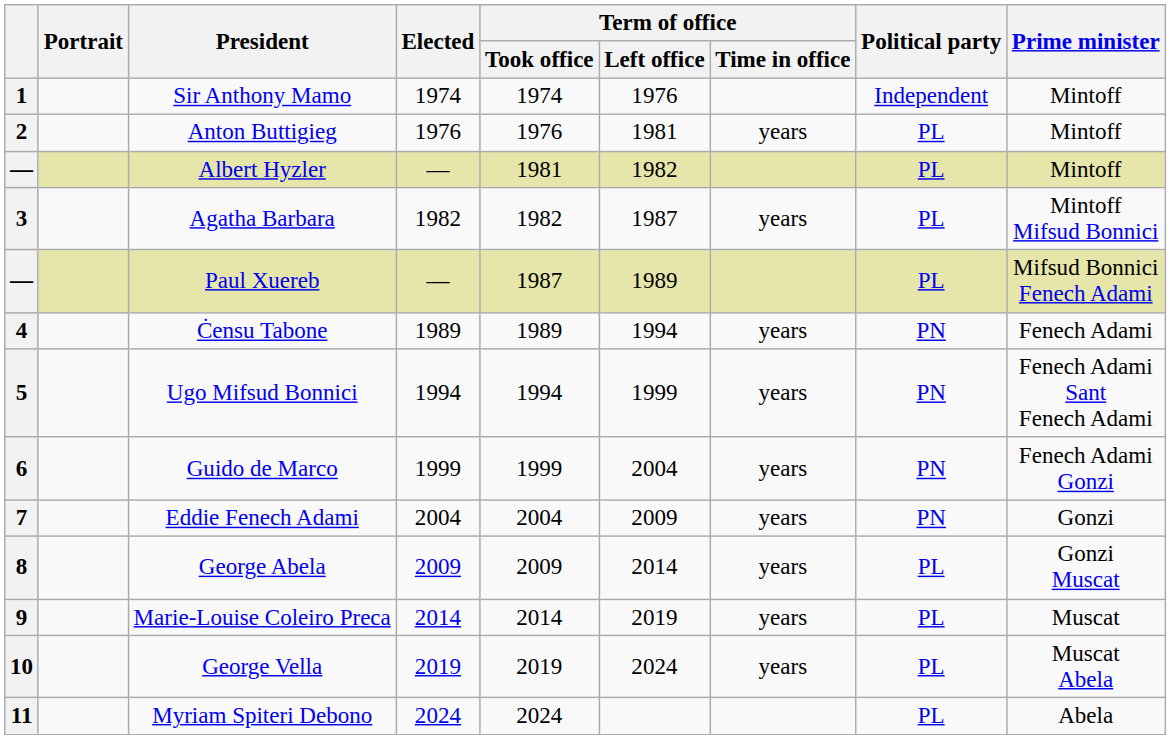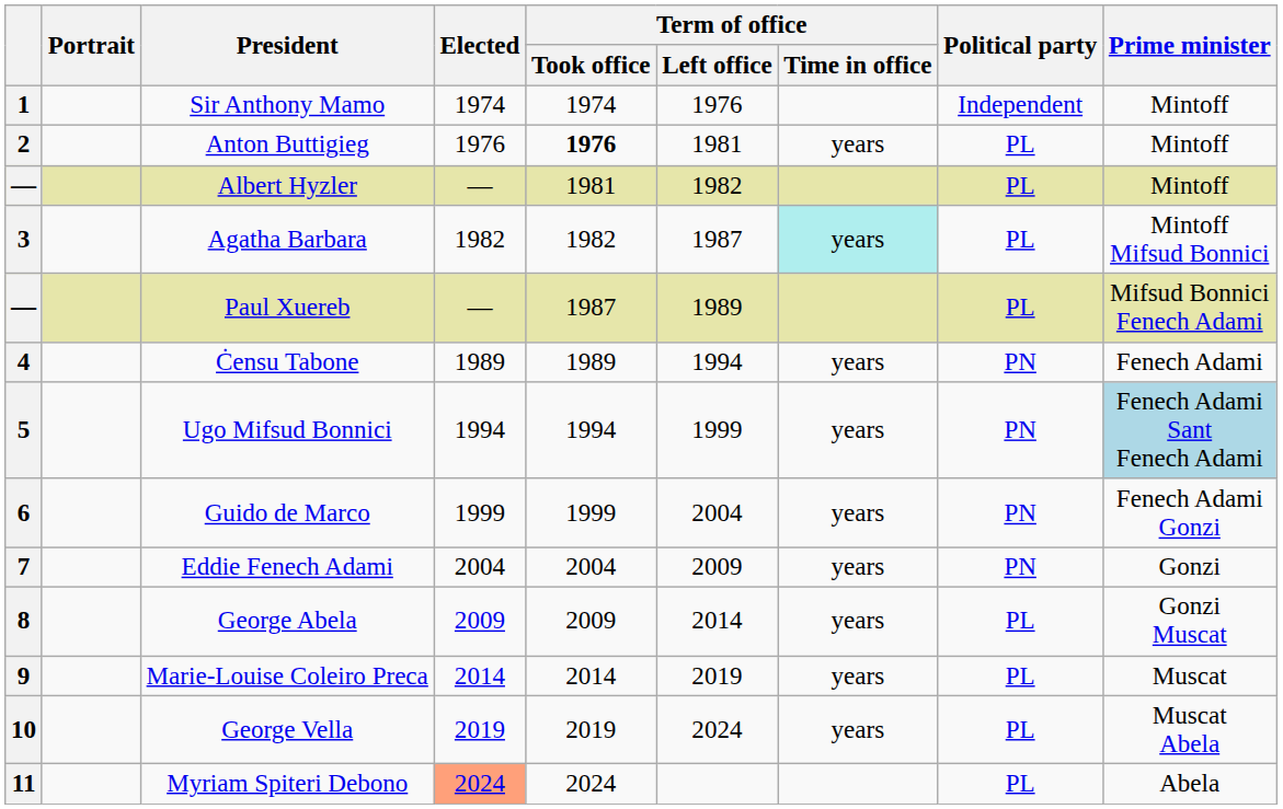 <table class="wikitable" style="text-align:center">
 <tr>
 <th rowspan="2"></th>
 <th rowspan="2">Portrait</th>
 <th rowspan="2">President<br></th>
 <th rowspan="2">Elected</th>
 <th colspan="3">Term of office</th>
 <th rowspan="2">Political party</th>
 <th rowspan="2"><a href='#'>Prime minister</a></th>
 </tr>
 <tr>
 <th>Took office</th>
 <th>Left office</th>
 <th>Time in office</th>
 </tr>
 <tr>
 <th style="background:">1</th>
 <td></td>
 <td><a href='#'>Sir Anthony Mamo</a><br></td>
 <td>1974</td>
 <td> 1974</td>
 <td> 1976</td>
 <td></td>
 <td><a href='#'>Independent</a></td>
 <td>Mintoff</td>
 </tr>
 <tr>
 <th style="background:">2</th>
 <td></td>
 <td><a href='#'>Anton Buttigieg</a><br></td>
 <td>1976</td>
-<td> 1976</td>
+<td><strong> 1976</strong></td>
 <td> 1981</td>
 <td> years</td>
 <td><a href='#'>PL</a></td>
 <td>Mintoff</td>
 </tr>
 <tr style="background:#e6e6aa;">
 <th style="background:">—</th>
 <td></td>
 <td><a href='#'>Albert Hyzler</a><br></td>
 <td>—</td>
 <td> 1981</td>
 <td> 1982</td>
 <td></td>
 <td><a href='#'>PL</a></td>
 <td>Mintoff</td>
 </tr>
 <tr>
 <th style="background:">3</th>
 <td></td>
 <td><a href='#'>Agatha Barbara</a><br></td>
 <td>1982</td>
 <td> 1982</td>
 <td> 1987</td>
-<td> years</td>
+<td style="background: paleturquoise;"> years</td>
 <td><a href='#'>PL</a></td>
 <td>Mintoff<br><a href='#'>Mifsud Bonnici</a></td>
 </tr>
 <tr style="background:#e6e6aa;">
 <th style="background:">—</th>
 <td></td>
 <td><a href='#'>Paul Xuereb</a><br></td>
 <td>—</td>
 <td> 1987</td>
 <td> 1989</td>
 <td></td>
 <td><a href='#'>PL</a></td>
 <td>Mifsud Bonnici<br><a href='#'>Fenech Adami</a></td>
 </tr>
 <tr>
 <th style="background:">4</th>
 <td></td>
 <td><a href='#'>Ċensu Tabone</a><br></td>
 <td>1989</td>
 <td> 1989</td>
 <td> 1994</td>
 <td> years</td>
 <td><a href='#'>PN</a></td>
 <td>Fenech Adami</td>
 </tr>
 <tr>
 <th style="background:">5</th>
 <td></td>
 <td><a href='#'>Ugo Mifsud Bonnici</a><br></td>
 <td>1994</td>
 <td> 1994</td>
 <td> 1999</td>
 <td> years</td>
 <td><a href='#'>PN</a></td>
-<td>Fenech Adami<br><a href='#'>Sant</a><br>Fenech Adami</td>
+<td style="background: lightblue;">Fenech Adami<br><a href='#'>Sant</a><br>Fenech Adami</td>
 </tr>
 <tr>
 <th style="background:">6</th>
 <td></td>
 <td><a href='#'>Guido de Marco</a><br></td>
 <td>1999</td>
 <td> 1999</td>
 <td> 2004</td>
 <td> years</td>
 <td><a href='#'>PN</a></td>
 <td>Fenech Adami<br><a href='#'>Gonzi</a></td>
 </tr>
 <tr>
 <th style="background:">7</th>
 <td></td>
 <td><a href='#'>Eddie Fenech Adami</a><br></td>
 <td>2004</td>
 <td> 2004</td>
 <td> 2009</td>
 <td> years</td>
 <td><a href='#'>PN</a></td>
 <td>Gonzi</td>
 </tr>
 <tr>
 <th style="background:">8</th>
 <td></td>
 <td><a href='#'>George Abela</a><br></td>
 <td><a href='#'>2009</a></td>
 <td> 2009</td>
 <td> 2014</td>
 <td> years</td>
 <td><a href='#'>PL</a></td>
 <td>Gonzi<br><a href='#'>Muscat</a></td>
 </tr>
 <tr>
 <th style="background:">9</th>
 <td></td>
 <td><a href='#'>Marie-Louise Coleiro Preca</a><br></td>
 <td><a href='#'>2014</a></td>
 <td> 2014</td>
 <td> 2019</td>
 <td> years</td>
 <td><a href='#'>PL</a></td>
 <td>Muscat</td>
 </tr>
 <tr>
 <th style="background:">10</th>
 <td></td>
 <td><a href='#'>George Vella</a><br></td>
 <td><a href='#'>2019</a></td>
 <td> 2019</td>
 <td> 2024</td>
 <td> years</td>
 <td><a href='#'>PL</a></td>
 <td>Muscat<br><a href='#'>Abela</a></td>
 </tr>
 <tr>
 <th style="background:">11</th>
 <td></td>
 <td><a href='#'>Myriam Spiteri Debono</a><br></td>
-<td><a href='#'>2024</a></td>
+<td style="background: lightsalmon;"><a href='#'>2024</a></td>
 <td> 2024</td>
 <td></td>
 <td></td>
 <td><a href='#'>PL</a></td>
 <td>Abela</td>
 </tr>
 </table>
